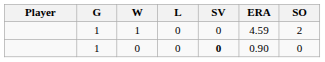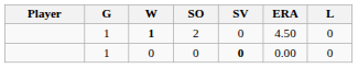 <table class="wikitable sortable">
 <tr>
 <th bgcolor="#DDDDFF" width="16%">Player</th>
 <th bgcolor="#DDDDFF" width="9%">G</th>
 <th bgcolor="#DDDDFF" width="9%">W</th>
-<th bgcolor="#DDDDFF" width="9%">L</th>
+<th bgcolor="#DDDDFF" width="9%">SO</th>
 <th bgcolor="#DDDDFF" width="9%">SV</th>
 <th bgcolor="#DDDDFF" width="9%">ERA</th>
-<th bgcolor="#DDDDFF" width="9%">SO</th>
+<th bgcolor="#DDDDFF" width="9%">L</th>
 </tr>
 <tr align="center">
 <td></td>
 <td>1</td>
-<td>1</td>
+<td><strong>1</strong></td>
+<td>2</td>
 <td>0</td>
+<td>4.50</td>
 <td>0</td>
-<td>4.59</td>
-<td>2</td>
 </tr>
 <tr align="center">
 <td></td>
 <td>1</td>
 <td>0</td>
 <td>0</td>
 <td><strong>0</strong></td>
-<td>0.90</td>
+<td>0.00</td>
 <td>0</td>
 </tr>
 </table>
